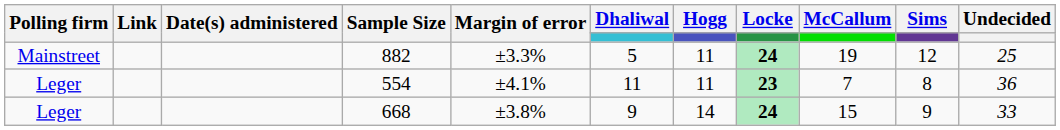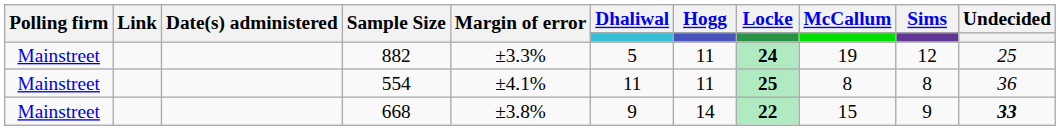 <table class="wikitable sortable mw-datatable" style="text-align:center; line-height:14px;font-size:90%;">
 <tr>
 <th rowspan="2">Polling firm</th>
 <th rowspan="2" class="unsortable">Link</th>
 <th rowspan="2">Date(s) administered</th>
 <th rowspan="2" class="unsortable">Sample Size</th>
 <th rowspan="2">Margin of error</th>
 <th style="width:40px;"><a href='#'>Dhaliwal</a></th>
 <th style="width:40px;"><a href='#'>Hogg</a></th>
 <th style="width:40px;"><a href='#'>Locke</a></th>
 <th style="width:40px;"><a href='#'>McCallum</a></th>
 <th style="width:40px;"><a href='#'>Sims</a></th>
 <th style="width:40px;">Undecided</th>
 </tr>
 <tr class="sorttop">
 <th style="background-color:#34bfd4;"></th>
 <th style="background-color:#4953BE;"></th>
 <th style="background-color:#289345;"></th>
 <th style="background-color:#01DF01;"></th>
 <th style="background-color:#613693;"></th>
 <th style="background-color:"></th>
 </tr>
 <tr>
 <td><a href='#'>Mainstreet</a></td>
 <td></td>
 <td></td>
 <td>882</td>
 <td>±3.3%</td>
 <td>5</td>
 <td>11</td>
 <td style="background-color:#b0eac0;"><strong>24</strong></td>
 <td>19</td>
 <td>12</td>
 <td><em>25</em></td>
 </tr>
 <tr>
-<td><a href='#'>Leger</a></td>
+<td><a href='#'>Mainstreet</a></td>
 <td></td>
 <td></td>
 <td>554</td>
 <td>±4.1%</td>
 <td>11</td>
 <td>11</td>
-<td style="background-color:#b0eac0;"><strong>23</strong></td>
-<td>7</td>
+<td style="background-color:#b0eac0;"><strong>25</strong></td>
+<td>8</td>
 <td>8</td>
 <td><em>36</em></td>
 </tr>
 <tr>
-<td><a href='#'>Leger</a></td>
+<td><a href='#'>Mainstreet</a></td>
 <td></td>
 <td></td>
 <td>668</td>
 <td>±3.8%</td>
 <td>9</td>
 <td>14</td>
-<td style="background-color:#b0eac0;"><strong>24</strong></td>
+<td style="background-color:#b0eac0;"><strong>22</strong></td>
 <td>15</td>
 <td>9</td>
-<td><em>33</em></td>
+<td><strong><em>33</em></strong></td>
 </tr>
 </table>
